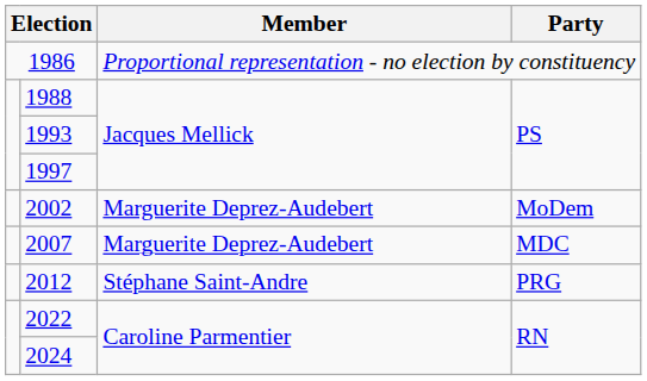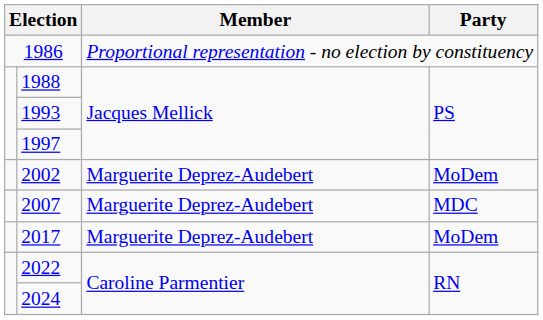 <table class="wikitable">
 <tr>
 <th colspan="2">Election</th>
 <th>Member</th>
 <th>Party</th>
 </tr>
 <tr>
 <td colspan="2" align="center"><a href='#'>1986</a></td>
 <td colspan="2"><em><a href='#'>Proportional representation</a> - no election by constituency</em></td>
 </tr>
 <tr>
 <td rowspan="3" style="background-color: "></td>
 <td><a href='#'>1988</a></td>
 <td rowspan="3"><a href='#'>Jacques Mellick</a></td>
 <td rowspan="3"><a href='#'>PS</a></td>
 </tr>
 <tr>
 <td><a href='#'>1993</a></td>
 </tr>
 <tr>
 <td><a href='#'>1997</a></td>
 </tr>
 <tr>
 <td style="color:inherit;background-color: "></td>
 <td><a href='#'>2002</a></td>
 <td><a href='#'>Marguerite Deprez-Audebert</a></td>
 <td><a href='#'>MoDem</a></td>
 </tr>
 <tr>
 <td style="color:inherit;background-color: "></td>
 <td><a href='#'>2007</a></td>
 <td><a href='#'>Marguerite Deprez-Audebert</a></td>
 <td><a href='#'>MDC</a></td>
 </tr>
 <tr>
 <td style="color:inherit;background-color: "></td>
-<td><a href='#'>2012</a></td>
-<td><a href='#'>Stéphane Saint-Andre</a></td>
-<td><a href='#'>PRG</a></td>
+<td><a href='#'>2017</a></td>
+<td><a href='#'>Marguerite Deprez-Audebert</a></td>
+<td><a href='#'>MoDem</a></td>
 </tr>
 <tr>
 <td rowspan=2 style="color:inherit;background-color: "></td>
 <td><a href='#'>2022</a></td>
 <td rowspan="2"><a href='#'>Caroline Parmentier</a></td>
 <td rowspan="2"><a href='#'>RN</a></td>
 </tr>
 <tr>
 <td><a href='#'>2024</a></td>
 </tr>
 </table>
